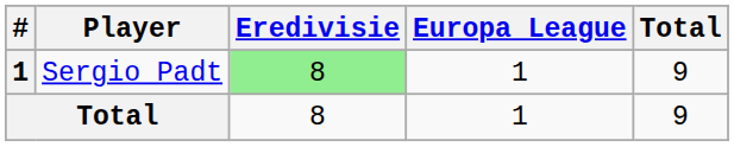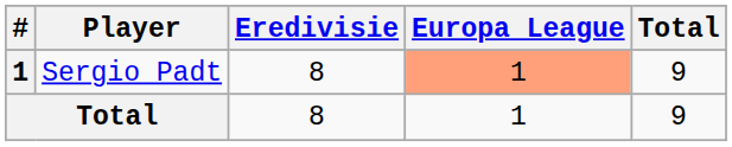 <table class="wikitable" style="text-align:center;">
 <tr>
 <th>#</th>
 <th>Player</th>
 <th><a href='#'>Eredivisie</a></th>
 <th><a href='#'>Europa League</a></th>
 <th>Total</th>
 </tr>
 <tr>
 <th>1</th>
 <td align="left"> <a href='#'>Sergio Padt</a></td>
-<td style="background: lightgreen;">8</td>
-<td>1</td>
+<td>8</td>
+<td style="background: lightsalmon;">1</td>
 <td>9</td>
 </tr>
 <tr>
 <th colspan="2">Total</th>
 <td>8</td>
 <td>1</td>
 <td>9</td>
 </tr>
 </table>
